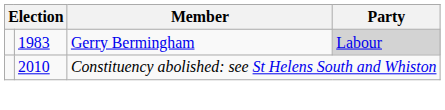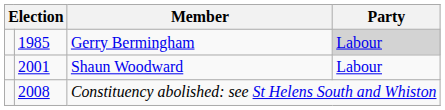 <table class="wikitable">
 <tr>
 <th colspan="2">Election</th>
 <th>Member </th>
 <th>Party</th>
 </tr>
 <tr>
 <td style="color:inherit;background-color: "></td>
-<td><a href='#'>1983</a></td>
+<td><a href='#'>1985</a></td>
 <td><a href='#'>Gerry Bermingham</a></td>
 <td style="background: lightgrey;"><a href='#'>Labour</a></td>
 </tr>
 <tr>
+<td style="color:inherit;background-color: "></td>
+<td><a href='#'>2001</a></td>
+<td><a href='#'>Shaun Woodward</a></td>
+<td><a href='#'>Labour</a></td>
+</tr>
+<tr>
 <td></td>
-<td><a href='#'>2010</a></td>
+<td><a href='#'>2008</a></td>
 <td colspan="2"><em>Constituency abolished: see <a href='#'>St Helens South and Whiston</a></em></td>
 </tr>
 </table>
